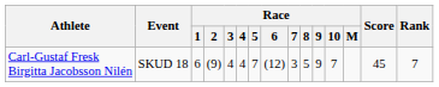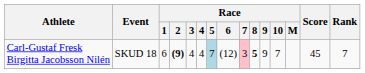 <table class=wikitable style="font-size:90%">
 <tr>
 <th rowspan="2">Athlete</th>
 <th rowspan="2">Event</th>
 <th colspan="11">Race</th>
 <th rowspan="2">Score</th>
 <th rowspan="2">Rank</th>
 </tr>
 <tr>
 <th>1</th>
 <th>2</th>
 <th>3</th>
 <th>4</th>
 <th>5</th>
 <th>6</th>
 <th>7</th>
 <th>8</th>
 <th>9</th>
 <th>10</th>
 <th>M</th>
 </tr>
 <tr align=center>
 <td align=left><a href='#'>Carl-Gustaf Fresk</a><br><a href='#'>Birgitta Jacobsson Nilén</a></td>
 <td align=left>SKUD 18</td>
 <td>6</td>
-<td>(9)</td>
+<td><strong>(9)</strong></td>
 <td>4</td>
 <td>4</td>
-<td>7</td>
+<td style="background: lightblue;">7</td>
 <td>(12)</td>
-<td>3</td>
-<td>5</td>
+<td style="background: pink;">3</td>
+<td><strong>5</strong></td>
 <td>9</td>
 <td>7</td>
 <td></td>
 <td>45</td>
 <td>7</td>
 </tr>
 </table>
